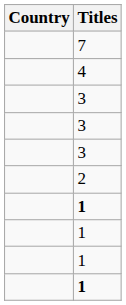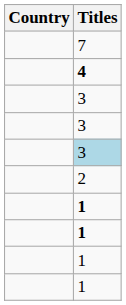 <table class="wikitable">
 <tr>
 <th>Country</th>
 <th>Titles</th>
 </tr>
 <tr>
 <td></td>
 <td>7</td>
 </tr>
 <tr>
 <td></td>
-<td>4</td>
+<td><strong>4</strong></td>
 </tr>
 <tr>
 <td></td>
 <td>3</td>
 </tr>
 <tr>
 <td></td>
 <td>3</td>
 </tr>
 <tr>
 <td></td>
-<td>3</td>
+<td style="background: lightblue;">3</td>
 </tr>
 <tr>
 <td></td>
 <td>2</td>
+</tr>
+<tr>
+<td></td>
+<td><strong>1</strong></td>
 </tr>
 <tr>
 <td></td>
 <td><strong>1</strong></td>
 </tr>
 <tr>
 <td></td>
 <td>1</td>
 </tr>
 <tr>
 <td></td>
 <td>1</td>
 </tr>
-<tr>
-<td></td>
-<td><strong>1</strong></td>
-</tr>
 </table>
